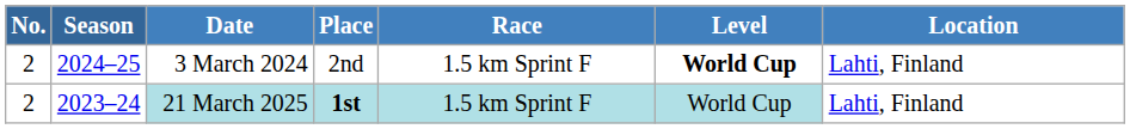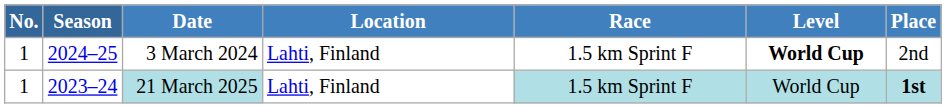 <table class="wikitable sortable" style="font-size:95%; text-align:center; border:grey solid 1px; border-collapse:collapse; background:#ffffff;">
 <tr style="background:#efefef;">
 <th style="background-color:#369; color:white;">No.</th>
 <th style="background-color:#369; color:white;">Season</th>
 <th style="background-color:#4180be; color:white; width:100px;">Date</th>
-<th style="background-color:#4180be; color:white;">Place</th>
+<th style="background-color:#4180be; color:white; width:185px;">Location</th>
 <th style="background-color:#4180be; color:white; width:170px;">Race</th>
 <th style="background-color:#4180be; color:white; width:100px;">Level</th>
-<th style="background-color:#4180be; color:white; width:185px;">Location</th>
+<th style="background-color:#4180be; color:white;">Place</th>
 </tr>
 <tr>
-<td align=center>2</td>
+<td align=center>1</td>
 <td rowspan=1 align=center><a href='#'>2024–25</a></td>
 <td align=right>3 March 2024</td>
-<td>2nd</td>
+<td align=left> <a href='#'>Lahti</a>, Finland</td>
 <td>1.5 km Sprint F</td>
 <td><strong>World Cup</strong></td>
-<td align=left> <a href='#'>Lahti</a>, Finland</td>
+<td>2nd</td>
 </tr>
 <tr>
-<td align=center>2</td>
+<td align=center>1</td>
 <td rowspan=1 align=center><a href='#'>2023–24</a></td>
 <td bgcolor="#BOEOE6" align=right>21 March 2025</td>
-<td bgcolor="#BOEOE6"><strong>1st</strong></td>
+<td align=left> <a href='#'>Lahti</a>, Finland</td>
 <td bgcolor="#BOEOE6">1.5 km Sprint F</td>
 <td bgcolor="#BOEOE6">World Cup</td>
-<td align=left> <a href='#'>Lahti</a>, Finland</td>
+<td bgcolor="#BOEOE6"><strong>1st</strong></td>
 </tr>
 </table>
